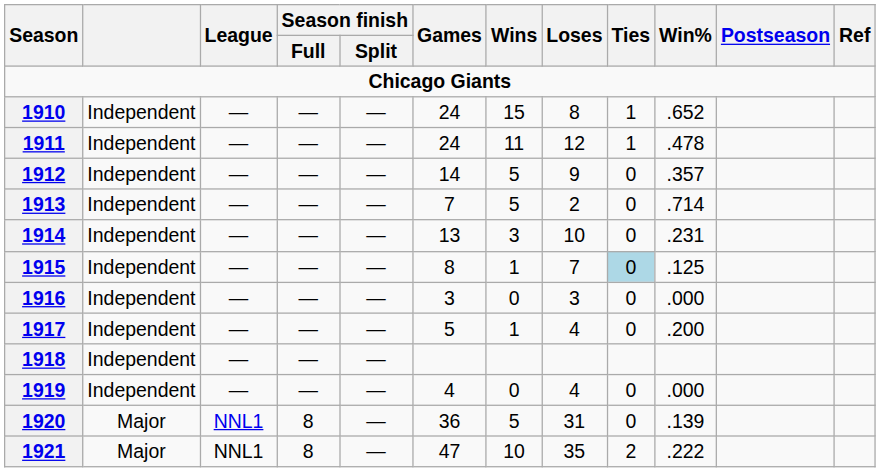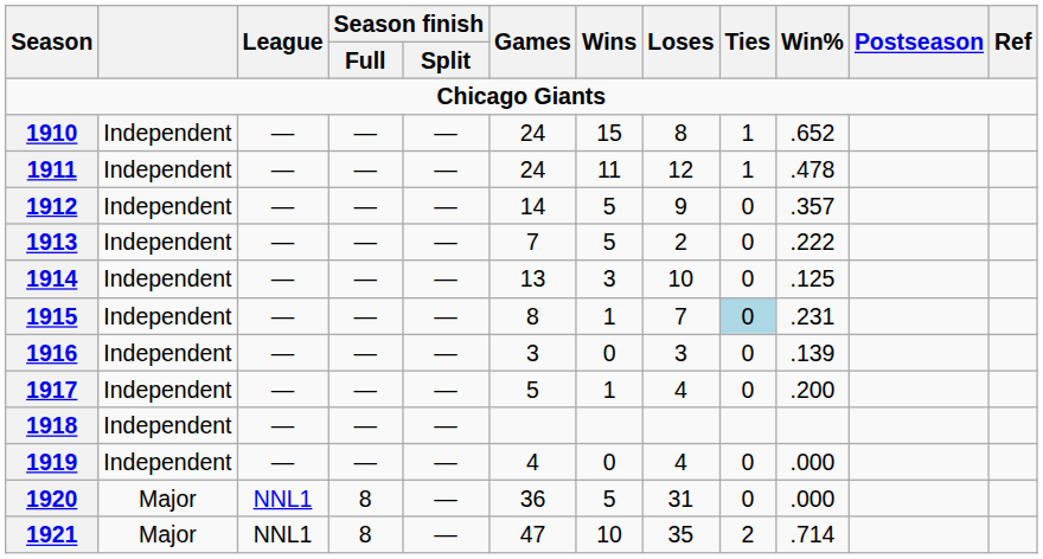 <table class="wikitable sortable" style="text-align:center; font-size:95%">
 <tr>
 <th rowspan="2">Season</th>
 <th rowspan="2"></th>
 <th rowspan="2">League</th>
 <th colspan="2">Season finish</th>
 <th rowspan="2">Games</th>
 <th rowspan="2">Wins</th>
 <th rowspan="2">Loses</th>
 <th rowspan="2">Ties</th>
 <th rowspan="2">Win%</th>
 <th rowspan="2"><a href='#'>Postseason</a></th>
 <th rowspan="2">Ref</th>
 </tr>
 <tr>
 <th>Full</th>
 <th>Split</th>
 </tr>
 <tr>
 <td align="center" colspan="12"><strong>Chicago Giants</strong></td>
 </tr>
 <tr>
 <th><a href='#'>1910</a></th>
 <td>Independent</td>
 <td>—</td>
 <td>—</td>
 <td>—</td>
 <td>24</td>
 <td>15</td>
 <td>8</td>
 <td>1</td>
 <td>.652</td>
 <td></td>
 <td></td>
 </tr>
 <tr>
 <th><a href='#'>1911</a></th>
 <td>Independent</td>
 <td>—</td>
 <td>—</td>
 <td>—</td>
 <td>24</td>
 <td>11</td>
 <td>12</td>
 <td>1</td>
 <td>.478</td>
 <td></td>
 <td></td>
 </tr>
 <tr>
 <th><a href='#'>1912</a></th>
 <td>Independent</td>
 <td>—</td>
 <td>—</td>
 <td>—</td>
 <td>14</td>
 <td>5</td>
 <td>9</td>
 <td>0</td>
 <td>.357</td>
 <td></td>
 <td></td>
 </tr>
 <tr>
 <th><a href='#'>1913</a></th>
 <td>Independent</td>
 <td>—</td>
 <td>—</td>
 <td>—</td>
 <td>7</td>
 <td>5</td>
 <td>2</td>
 <td>0</td>
-<td>.714</td>
+<td>.222</td>
 <td></td>
 <td></td>
 </tr>
 <tr>
 <th><a href='#'>1914</a></th>
 <td>Independent</td>
 <td>—</td>
 <td>—</td>
 <td>—</td>
 <td>13</td>
 <td>3</td>
 <td>10</td>
 <td>0</td>
-<td>.231</td>
+<td>.125</td>
 <td></td>
 <td></td>
 </tr>
 <tr>
 <th><a href='#'>1915</a></th>
 <td>Independent</td>
 <td>—</td>
 <td>—</td>
 <td>—</td>
 <td>8</td>
 <td>1</td>
 <td>7</td>
 <td style="background: lightblue;">0</td>
-<td>.125</td>
+<td>.231</td>
 <td></td>
 <td></td>
 </tr>
 <tr>
 <th><a href='#'>1916</a></th>
 <td>Independent</td>
 <td>—</td>
 <td>—</td>
 <td>—</td>
 <td>3</td>
 <td>0</td>
 <td>3</td>
 <td>0</td>
-<td>.000</td>
+<td>.139</td>
 <td></td>
 <td></td>
 </tr>
 <tr>
 <th><a href='#'>1917</a></th>
 <td>Independent</td>
 <td>—</td>
 <td>—</td>
 <td>—</td>
 <td>5</td>
 <td>1</td>
 <td>4</td>
 <td>0</td>
 <td>.200</td>
 <td></td>
 <td></td>
 </tr>
 <tr>
 <th><a href='#'>1918</a></th>
 <td>Independent</td>
 <td>—</td>
 <td>—</td>
 <td>—</td>
 <td></td>
 <td></td>
 <td></td>
 <td></td>
 <td></td>
 <td></td>
 <td></td>
 </tr>
 <tr>
 <th><a href='#'>1919</a></th>
 <td>Independent</td>
 <td>—</td>
 <td>—</td>
 <td>—</td>
 <td>4</td>
 <td>0</td>
 <td>4</td>
 <td>0</td>
 <td>.000</td>
 <td></td>
 <td></td>
 </tr>
 <tr>
 <th><a href='#'>1920</a></th>
 <td>Major</td>
 <td><a href='#'>NNL1</a></td>
 <td>8</td>
 <td>—</td>
 <td>36</td>
 <td>5</td>
 <td>31</td>
 <td>0</td>
-<td>.139</td>
+<td>.000</td>
 <td></td>
 <td></td>
 </tr>
 <tr>
 <th><a href='#'>1921</a></th>
 <td>Major</td>
 <td>NNL1</td>
 <td>8</td>
 <td>—</td>
 <td>47</td>
 <td>10</td>
 <td>35</td>
 <td>2</td>
-<td>.222</td>
+<td>.714</td>
 <td></td>
 <td></td>
 </tr>
 </table>
